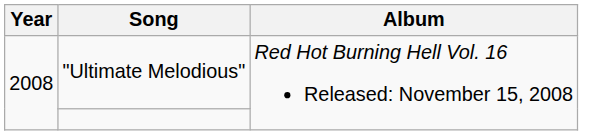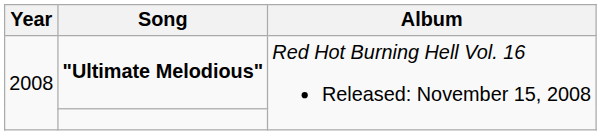 <table class="wikitable">
 <tr>
 <th>Year</th>
 <th>Song</th>
 <th>Album</th>
 </tr>
 <tr>
 <td rowspan="2">2008</td>
-<td>"Ultimate Melodious"</td>
+<td><strong>"Ultimate Melodious"</strong></td>
 <td rowspan="2"><em>Red Hot Burning Hell Vol. 16</em><br><ul><li>Released: November 15, 2008</li></ul></td>
 </tr>
 <tr>
 <td></td>
 </tr>
 </table>
